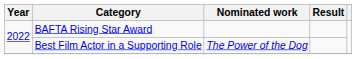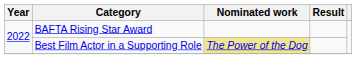 <table class="wikitable">
 <tr>
 <th scope="col">Year</th>
 <th scope="col">Category</th>
 <th scope="col">Nominated work</th>
 <th style="col">Result</th>
 <th style="col"></th>
 </tr>
 <tr>
 <td rowspan="2"><a href='#'>2022</a></td>
 <td><a href='#'>BAFTA Rising Star Award</a></td>
 <td></td>
 <td></td>
 <td rowspan="2"></td>
 </tr>
 <tr>
 <td><a href='#'>Best Film Actor in a Supporting Role</a></td>
-<td><em><a href='#'>The Power of the Dog</a></em></td>
+<td style="background: khaki;"><em><a href='#'>The Power of the Dog</a></em></td>
 <td></td>
 </tr>
 <tr>
 </tr>
 </table>
